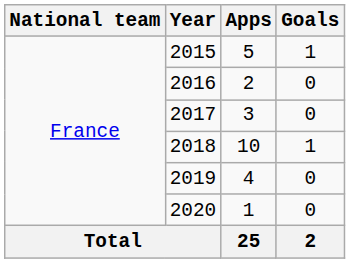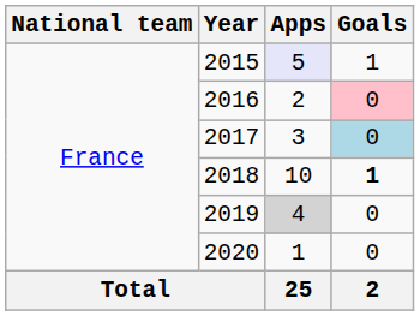 <table class="wikitable" style="text-align:center">
 <tr>
 <th>National team</th>
 <th>Year</th>
 <th>Apps</th>
 <th>Goals</th>
 </tr>
 <tr>
 <td rowspan="6"><a href='#'>France</a></td>
 <td>2015</td>
-<td>5</td>
+<td style="background: lavender;">5</td>
 <td>1</td>
 </tr>
 <tr>
 <td>2016</td>
 <td>2</td>
-<td>0</td>
+<td style="background: pink;">0</td>
 </tr>
 <tr>
 <td>2017</td>
 <td>3</td>
-<td>0</td>
+<td style="background: lightblue;">0</td>
 </tr>
 <tr>
 <td>2018</td>
 <td>10</td>
-<td>1</td>
+<td><strong>1</strong></td>
 </tr>
 <tr>
 <td>2019</td>
-<td>4</td>
+<td style="background: lightgrey;">4</td>
 <td>0</td>
 </tr>
 <tr>
 <td>2020</td>
 <td>1</td>
 <td>0</td>
 </tr>
 <tr>
 <th colspan="2">Total</th>
 <th>25</th>
 <th>2</th>
 </tr>
 </table>
